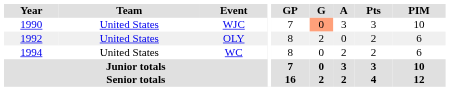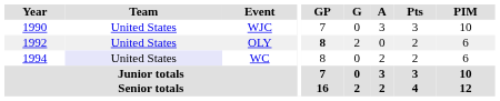 <table border="0" cellpadding="1" cellspacing="0" ID="Table3" style="text-align:center; width:40em">
 <tr bgcolor="#e0e0e0">
 <th>Year</th>
 <th>Team</th>
 <th>Event</th>
 <th rowspan="102" bgcolor="#ffffff"></th>
 <th>GP</th>
 <th>G</th>
 <th>A</th>
 <th>Pts</th>
 <th>PIM</th>
 </tr>
 <tr>
 <td><a href='#'>1990</a></td>
 <td><a href='#'>United States</a></td>
 <td><a href='#'>WJC</a></td>
 <td>7</td>
-<td style="background: lightsalmon;">0</td>
+<td>0</td>
 <td>3</td>
 <td>3</td>
 <td>10</td>
 </tr>
 <tr bgcolor="#f0f0f0">
 <td><a href='#'>1992</a></td>
 <td><a href='#'>United States</a></td>
 <td><a href='#'>OLY</a></td>
-<td>8</td>
+<td><strong>8</strong></td>
 <td>2</td>
 <td>0</td>
 <td>2</td>
 <td>6</td>
 </tr>
 <tr>
 <td><a href='#'>1994</a></td>
-<td>United States</td>
+<td style="background: lavender;">United States</td>
 <td><a href='#'>WC</a></td>
 <td>8</td>
 <td>0</td>
 <td>2</td>
 <td>2</td>
 <td>6</td>
 </tr>
 <tr bgcolor="#e0e0e0">
 <th colspan="3">Junior totals</th>
 <th>7</th>
 <th>0</th>
 <th>3</th>
 <th>3</th>
 <th>10</th>
 </tr>
 <tr bgcolor="#e0e0e0">
 <th colspan="3">Senior totals</th>
 <th>16</th>
 <th>2</th>
 <th>2</th>
 <th>4</th>
 <th>12</th>
 </tr>
 </table>
